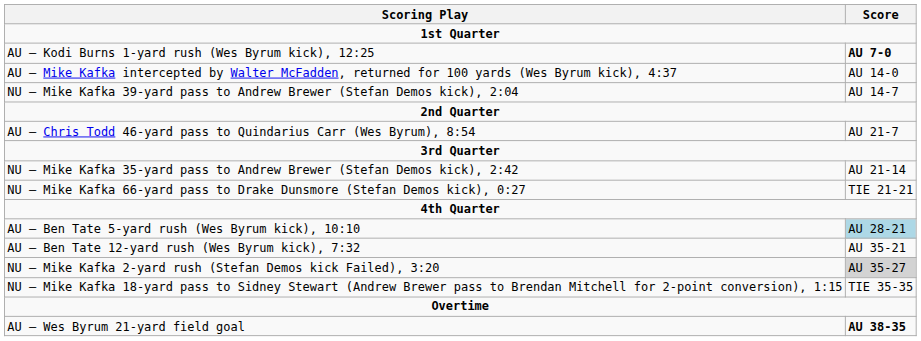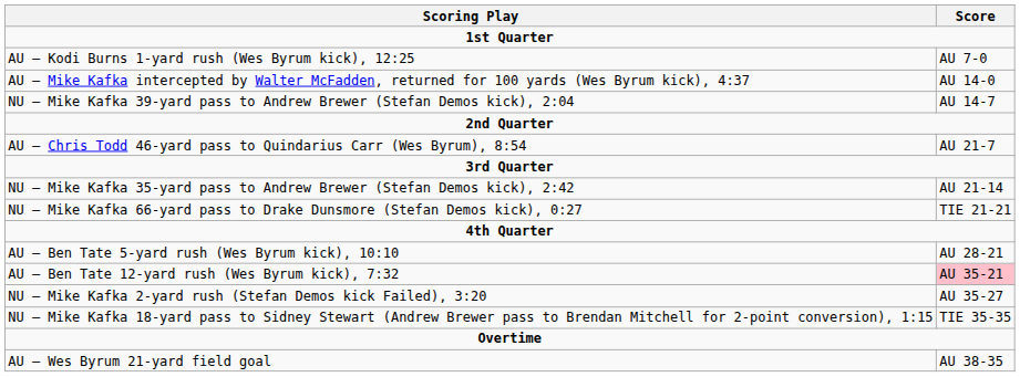 <table class="wikitable">
 <tr>
 <th>Scoring Play</th>
 <th>Score</th>
 </tr>
 <tr>
 <td colspan="4" align="center"><strong>1st Quarter</strong></td>
 </tr>
 <tr>
 <td>AU — Kodi Burns 1-yard rush (Wes Byrum kick), 12:25</td>
-<td><strong>AU 7-0</strong></td>
+<td>AU 7-0</td>
 </tr>
 <tr>
 <td>AU — <a href='#'>Mike Kafka</a> intercepted by <a href='#'>Walter McFadden</a>, returned for 100 yards (Wes Byrum kick), 4:37</td>
 <td>AU 14-0</td>
 </tr>
 <tr>
 <td>NU — Mike Kafka 39-yard pass to Andrew Brewer  (Stefan Demos kick), 2:04</td>
 <td>AU 14-7</td>
 </tr>
 <tr>
 <td colspan="4" align="center"><strong>2nd Quarter</strong></td>
 </tr>
 <tr>
 <td>AU — <a href='#'>Chris Todd</a> 46-yard pass to Quindarius Carr (Wes Byrum), 8:54</td>
 <td>AU 21-7</td>
 </tr>
 <tr>
 <td colspan="4" align="center"><strong>3rd Quarter</strong></td>
 </tr>
 <tr>
 <td>NU — Mike Kafka 35-yard pass to Andrew Brewer (Stefan Demos kick), 2:42</td>
 <td>AU 21-14</td>
 </tr>
 <tr>
 <td>NU — Mike Kafka 66-yard pass to Drake Dunsmore (Stefan Demos kick), 0:27</td>
 <td>TIE 21-21</td>
 </tr>
 <tr>
 <td colspan="4" align="center"><strong>4th Quarter</strong></td>
 </tr>
 <tr>
 <td>AU — Ben Tate 5-yard rush (Wes Byrum kick), 10:10</td>
-<td style="background: lightblue;">AU 28-21</td>
+<td>AU 28-21</td>
 </tr>
 <tr>
 <td>AU — Ben Tate 12-yard rush (Wes Byrum kick), 7:32</td>
-<td>AU 35-21</td>
+<td style="background: pink;">AU 35-21</td>
 </tr>
 <tr>
 <td>NU — Mike Kafka 2-yard rush (Stefan Demos kick Failed), 3:20</td>
-<td style="background: lightgrey;">AU 35-27</td>
+<td>AU 35-27</td>
 </tr>
 <tr>
 <td>NU — Mike Kafka 18-yard pass to Sidney Stewart (Andrew Brewer pass to Brendan Mitchell for 2-point conversion), 1:15</td>
 <td>TIE 35-35</td>
 </tr>
 <tr>
 <td colspan="4" align="center"><strong>Overtime</strong></td>
 </tr>
 <tr>
 <td>AU — Wes Byrum 21-yard field goal</td>
-<td><strong>AU 38-35</strong></td>
+<td>AU 38-35</td>
 </tr>
 </table>
